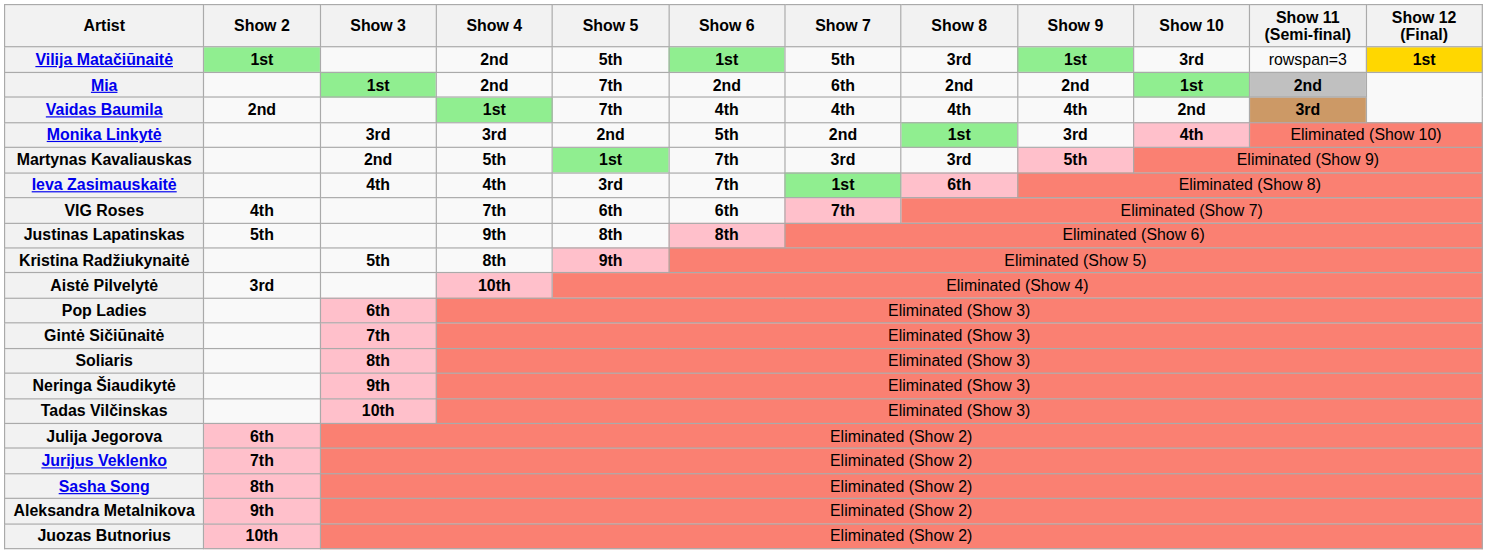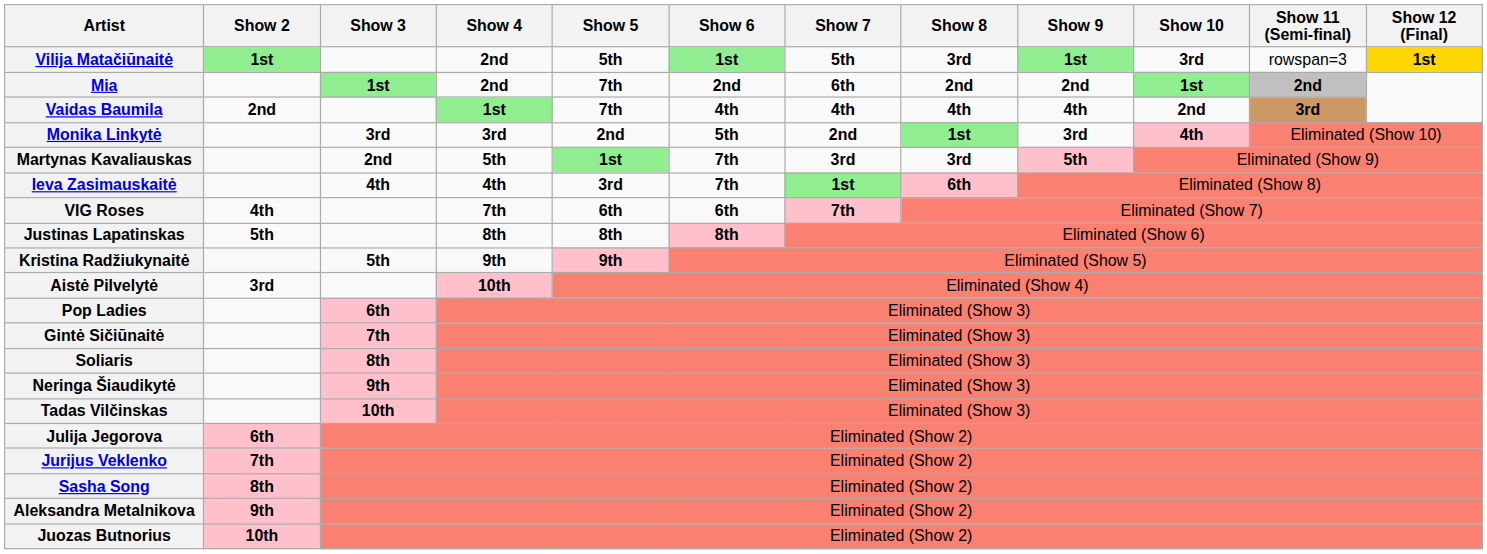 <table class="wikitable" style="margin: 1em auto 1em auto; text-align:center; font-size:85%">
 <tr>
 <th scope="col" style="width:12%">Artist</th>
 <th scope="col" style="width:7%">Show 2</th>
 <th scope="col" style="width:7%">Show 3</th>
 <th scope="col" style="width:7%">Show 4</th>
 <th scope="col" style="width:7%">Show 5</th>
 <th scope="col" style="width:7%">Show 6</th>
 <th scope="col" style="width:7%">Show 7</th>
 <th scope="col" style="width:7%">Show 8</th>
 <th scope="col" style="width:7%">Show 9</th>
 <th scope="col" style="width:7%">Show 10</th>
 <th scope="col" style="width:7%">Show 11<br>(Semi-final)</th>
 <th scope="col" style="width:7%">Show 12<br>(Final)</th>
 </tr>
 <tr>
 <th scope="row"><a href='#'>Vilija Matačiūnaitė</a></th>
 <td style="background:lightgreen"><strong>1st</strong></td>
 <td></td>
 <td><strong>2nd</strong></td>
 <td><strong>5th</strong></td>
 <td style="background:lightgreen"><strong>1st</strong></td>
 <td><strong>5th</strong></td>
 <td><strong>3rd</strong></td>
 <td style="background:lightgreen"><strong>1st</strong></td>
 <td><strong>3rd</strong></td>
 <td>rowspan=3 </td>
 <td style="background:gold"><strong>1st</strong></td>
 </tr>
 <tr>
 <th scope="row"><a href='#'>Mia</a></th>
 <td></td>
 <td style="background:lightgreen"><strong>1st</strong></td>
 <td><strong>2nd</strong></td>
 <td><strong>7th</strong></td>
 <td><strong>2nd</strong></td>
 <td><strong>6th</strong></td>
 <td><strong>2nd</strong></td>
 <td><strong>2nd</strong></td>
 <td style="background:lightgreen"><strong>1st</strong></td>
 <td style="background:silver"><strong>2nd</strong></td>
 </tr>
 <tr>
 <th scope="row"><a href='#'>Vaidas Baumila</a></th>
 <td><strong>2nd</strong></td>
 <td></td>
 <td style="background:lightgreen"><strong>1st</strong></td>
 <td><strong>7th</strong></td>
 <td><strong>4th</strong></td>
 <td><strong>4th</strong></td>
 <td><strong>4th</strong></td>
 <td><strong>4th</strong></td>
 <td><strong>2nd</strong></td>
 <td style="background:#CC9966"><strong>3rd</strong></td>
 </tr>
 <tr>
 <th scope="row"><a href='#'>Monika Linkytė</a></th>
 <td></td>
 <td><strong>3rd</strong></td>
 <td><strong>3rd</strong></td>
 <td><strong>2nd</strong></td>
 <td><strong>5th</strong></td>
 <td><strong>2nd</strong></td>
 <td style="background:lightgreen"><strong>1st</strong></td>
 <td><strong>3rd</strong></td>
 <td style="background:pink"><strong>4th</strong></td>
 <td style="background:#FA8072" colspan=2>Eliminated (Show 10)</td>
 </tr>
 <tr>
 <th scope="row">Martynas Kavaliauskas</th>
 <td></td>
 <td><strong>2nd</strong></td>
 <td><strong>5th</strong></td>
 <td style="background:lightgreen"><strong>1st</strong></td>
 <td><strong>7th</strong></td>
 <td><strong>3rd</strong></td>
 <td><strong>3rd</strong></td>
 <td style="background:pink"><strong>5th</strong></td>
 <td style="background:#FA8072" colspan=3>Eliminated (Show 9)</td>
 </tr>
 <tr>
 <th scope="row"><a href='#'>Ieva Zasimauskaitė</a></th>
 <td></td>
 <td><strong>4th</strong></td>
 <td><strong>4th</strong></td>
 <td><strong>3rd</strong></td>
 <td><strong>7th</strong></td>
 <td style="background:lightgreen"><strong>1st</strong></td>
 <td style="background:pink"><strong>6th</strong></td>
 <td style="background:#FA8072" colspan=4>Eliminated (Show 8)</td>
 </tr>
 <tr>
 <th scope="row">VIG Roses</th>
 <td><strong>4th</strong></td>
 <td></td>
 <td><strong>7th</strong></td>
 <td><strong>6th</strong></td>
 <td><strong>6th</strong></td>
 <td style="background:pink"><strong>7th</strong></td>
 <td style="background:#FA8072" colspan=5>Eliminated (Show 7)</td>
 </tr>
 <tr>
 <th scope="row">Justinas Lapatinskas</th>
 <td><strong>5th</strong></td>
 <td></td>
-<td><strong>9th</strong></td>
+<td><strong>8th</strong></td>
 <td><strong>8th</strong></td>
 <td style="background:pink"><strong>8th</strong></td>
 <td style="background:#FA8072" colspan=6>Eliminated (Show 6)</td>
 </tr>
 <tr>
 <th scope="row">Kristina Radžiukynaitė</th>
 <td></td>
 <td><strong>5th</strong></td>
-<td><strong>8th</strong></td>
+<td><strong>9th</strong></td>
 <td style="background:pink"><strong>9th</strong></td>
 <td style="background:#FA8072" colspan=7>Eliminated (Show 5)</td>
 </tr>
 <tr>
 <th scope="row">Aistė Pilvelytė</th>
 <td><strong>3rd</strong></td>
 <td></td>
 <td style="background:pink"><strong>10th</strong></td>
 <td style="background:#FA8072" colspan=8>Eliminated (Show 4)</td>
 </tr>
 <tr>
 <th scope="row">Pop Ladies</th>
 <td></td>
 <td style="background:pink"><strong>6th</strong></td>
 <td style="background:#FA8072" colspan=9>Eliminated (Show 3)</td>
 </tr>
 <tr>
 <th scope="row">Gintė Sičiūnaitė</th>
 <td></td>
 <td style="background:pink"><strong>7th</strong></td>
 <td style="background:#FA8072" colspan=9>Eliminated (Show 3)</td>
 </tr>
 <tr>
 <th scope="row">Soliaris</th>
 <td></td>
 <td style="background:pink"><strong>8th</strong></td>
 <td style="background:#FA8072" colspan=9>Eliminated (Show 3)</td>
 </tr>
 <tr>
 <th scope="row">Neringa Šiaudikytė</th>
 <td></td>
 <td style="background:pink"><strong>9th</strong></td>
 <td style="background:#FA8072" colspan=9>Eliminated (Show 3)</td>
 </tr>
 <tr>
 <th scope="row">Tadas Vilčinskas</th>
 <td></td>
 <td style="background:pink"><strong>10th</strong></td>
 <td style="background:#FA8072" colspan=9>Eliminated (Show 3)</td>
 </tr>
 <tr>
 <th scope="row">Julija Jegorova</th>
 <td style="background:pink"><strong>6th</strong></td>
 <td style="background:#FA8072" colspan=10>Eliminated (Show 2)</td>
 </tr>
 <tr>
 <th scope="row"><a href='#'>Jurijus Veklenko</a></th>
 <td style="background:pink"><strong>7th</strong></td>
 <td style="background:#FA8072" colspan=10>Eliminated (Show 2)</td>
 </tr>
 <tr>
 <th scope="row"><a href='#'>Sasha Song</a></th>
 <td style="background:pink"><strong>8th</strong></td>
 <td style="background:#FA8072" colspan=10>Eliminated (Show 2)</td>
 </tr>
 <tr>
 <th scope="row">Aleksandra Metalnikova</th>
 <td style="background:pink"><strong>9th</strong></td>
 <td style="background:#FA8072" colspan=10>Eliminated (Show 2)</td>
 </tr>
 <tr>
 <th scope="row">Juozas Butnorius</th>
 <td style="background:pink"><strong>10th</strong></td>
 <td style="background:#FA8072" colspan=10>Eliminated (Show 2)</td>
 </tr>
 </table>
